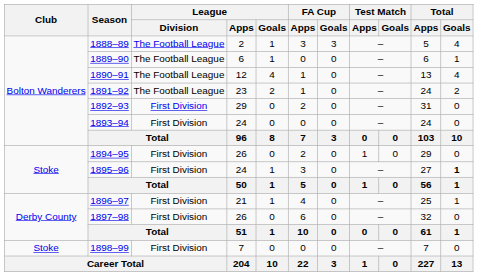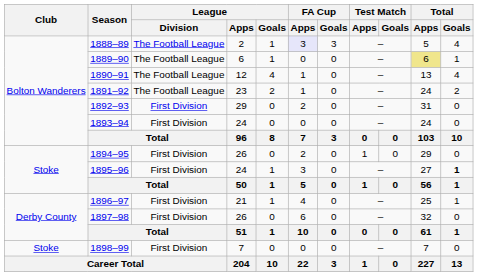 <table class="wikitable" style="text-align: center;">
 <tr>
 <th rowspan="2">Club</th>
 <th rowspan="2">Season</th>
 <th colspan="3">League</th>
 <th colspan="2">FA Cup</th>
 <th colspan="2">Test Match</th>
 <th colspan="2">Total</th>
 </tr>
 <tr>
 <th>Division</th>
 <th>Apps</th>
 <th>Goals</th>
 <th>Apps</th>
 <th>Goals</th>
 <th>Apps</th>
 <th>Goals</th>
 <th>Apps</th>
 <th>Goals</th>
 </tr>
 <tr>
 <td rowspan="7"><a href='#'>Bolton Wanderers</a></td>
 <td><a href='#'>1888–89</a></td>
 <td><a href='#'>The Football League</a></td>
 <td>2</td>
 <td>1</td>
-<td>3</td>
+<td style="background: lavender;">3</td>
 <td>3</td>
 <td colspan="2">–</td>
 <td>5</td>
 <td>4</td>
 </tr>
 <tr>
 <td><a href='#'>1889–90</a></td>
 <td>The Football League</td>
 <td>6</td>
 <td>1</td>
 <td>0</td>
 <td>0</td>
 <td colspan="2">–</td>
-<td>6</td>
+<td style="background: khaki;">6</td>
 <td>1</td>
 </tr>
 <tr>
 <td><a href='#'>1890–91</a></td>
 <td>The Football League</td>
 <td>12</td>
 <td>4</td>
 <td>1</td>
 <td>0</td>
 <td colspan="2">–</td>
 <td>13</td>
 <td>4</td>
 </tr>
 <tr>
 <td><a href='#'>1891–92</a></td>
 <td>The Football League</td>
 <td>23</td>
 <td>2</td>
 <td>1</td>
 <td>0</td>
 <td colspan="2">–</td>
 <td>24</td>
 <td>2</td>
 </tr>
 <tr>
 <td><a href='#'>1892–93</a></td>
 <td><a href='#'>First Division</a></td>
 <td>29</td>
 <td>0</td>
 <td>2</td>
 <td>0</td>
 <td colspan="2">–</td>
 <td>31</td>
 <td>0</td>
 </tr>
 <tr>
 <td><a href='#'>1893–94</a></td>
 <td>First Division</td>
 <td>24</td>
 <td>0</td>
 <td>0</td>
 <td>0</td>
 <td colspan="2">–</td>
 <td>24</td>
 <td>0</td>
 </tr>
 <tr>
 <th colspan=2>Total</th>
 <th>96</th>
 <th>8</th>
 <th>7</th>
 <th>3</th>
 <th>0</th>
 <th>0</th>
 <th>103</th>
 <th>10</th>
 </tr>
 <tr>
 <td rowspan="3"><a href='#'>Stoke</a></td>
 <td><a href='#'>1894–95</a></td>
 <td>First Division</td>
 <td>26</td>
 <td>0</td>
 <td>2</td>
 <td>0</td>
 <td>1</td>
 <td>0</td>
 <td>29</td>
 <td>0</td>
 </tr>
 <tr>
 <td><a href='#'>1895–96</a></td>
 <td>First Division</td>
 <td>24</td>
 <td>1</td>
 <td>3</td>
 <td>0</td>
 <td colspan="2">–</td>
 <td>27</td>
 <td><strong>1</strong></td>
 </tr>
 <tr>
 <th colspan=2>Total</th>
 <th>50</th>
 <th>1</th>
 <th>5</th>
 <th>0</th>
 <th>1</th>
 <th>0</th>
 <th>56</th>
 <th>1</th>
 </tr>
 <tr>
 <td rowspan="3"><a href='#'>Derby County</a></td>
 <td><a href='#'>1896–97</a></td>
 <td>First Division</td>
 <td>21</td>
 <td>1</td>
 <td>4</td>
 <td>0</td>
 <td colspan="2">–</td>
 <td>25</td>
 <td>1</td>
 </tr>
 <tr>
 <td><a href='#'>1897–98</a></td>
 <td>First Division</td>
 <td>26</td>
 <td>0</td>
 <td>6</td>
 <td>0</td>
 <td colspan="2">–</td>
 <td>32</td>
 <td>0</td>
 </tr>
 <tr>
 <th colspan=2>Total</th>
 <th>51</th>
 <th>1</th>
 <th>10</th>
 <th>0</th>
 <th>0</th>
 <th>0</th>
 <th>61</th>
 <th>1</th>
 </tr>
 <tr>
 <td><a href='#'>Stoke</a></td>
 <td><a href='#'>1898–99</a></td>
 <td>First Division</td>
 <td>7</td>
 <td>0</td>
 <td>0</td>
 <td>0</td>
 <td colspan="2">–</td>
 <td>7</td>
 <td>0</td>
 </tr>
 <tr>
 <th colspan="3">Career Total</th>
 <th>204</th>
 <th>10</th>
 <th>22</th>
 <th>3</th>
 <th>1</th>
 <th>0</th>
 <th>227</th>
 <th>13</th>
 </tr>
 </table>
